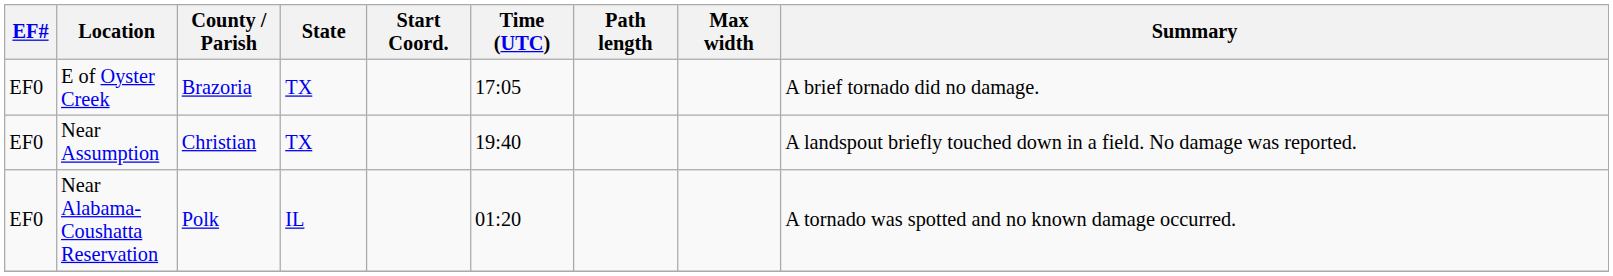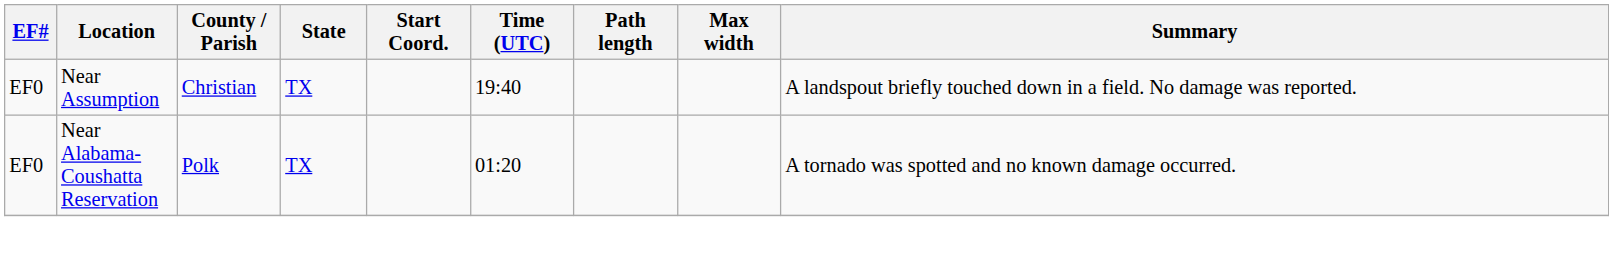 <table class="wikitable sortable" style="width:100%;">
 <tr>
 <th scope="col"  style="width:3%; text-align:center;"><a href='#'>EF#</a></th>
 <th scope="col"  style="width:7%; text-align:center;" class="unsortable">Location</th>
 <th scope="col"  style="width:6%; text-align:center;" class="unsortable">County / Parish</th>
 <th scope="col"  style="width:5%; text-align:center;">State</th>
 <th scope="col"  style="width:6%; text-align:center;">Start Coord.</th>
 <th scope="col"  style="width:6%; text-align:center;">Time (<a href='#'>UTC</a>)</th>
 <th scope="col"  style="width:6%; text-align:center;">Path length</th>
 <th scope="col"  style="width:6%; text-align:center;">Max width</th>
 <th scope="col" class="unsortable" style="width:48%; text-align:center;">Summary</th>
-</tr>
-<tr>
-<td>EF0</td>
-<td>E of <a href='#'>Oyster Creek</a></td>
-<td><a href='#'>Brazoria</a></td>
-<td><a href='#'>TX</a></td>
-<td></td>
-<td>17:05</td>
-<td></td>
-<td></td>
-<td>A brief tornado did no damage.</td>
 </tr>
 <tr>
 <td>EF0</td>
 <td>Near <a href='#'>Assumption</a></td>
 <td><a href='#'>Christian</a></td>
 <td><a href='#'>TX</a></td>
 <td></td>
 <td>19:40</td>
 <td></td>
 <td></td>
 <td>A landspout briefly touched down in a field. No damage was reported.</td>
 </tr>
 <tr>
 <td>EF0</td>
 <td>Near <a href='#'>Alabama-Coushatta Reservation</a></td>
 <td><a href='#'>Polk</a></td>
-<td><a href='#'>IL</a></td>
+<td><a href='#'>TX</a></td>
 <td></td>
 <td>01:20</td>
 <td></td>
 <td></td>
 <td>A tornado was spotted and no known damage occurred.</td>
 </tr>
 <tr>
 </tr>
 </table>
